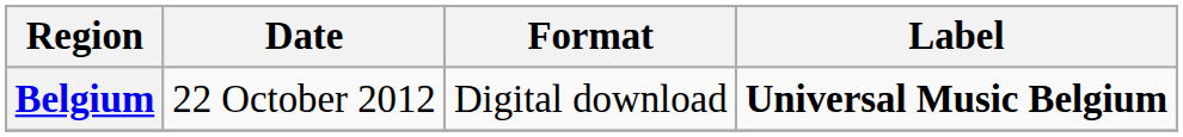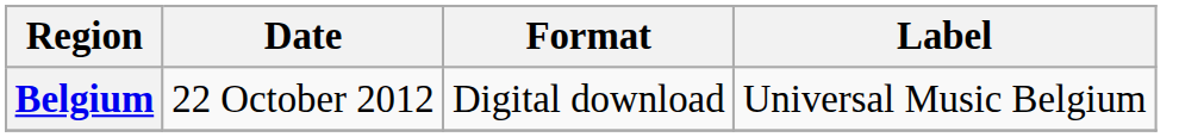 <table class="wikitable sortable plainrowheaders">
 <tr>
 <th scope="col">Region</th>
 <th scope="col">Date</th>
 <th scope="col">Format</th>
 <th scope="col">Label</th>
 </tr>
 <tr>
 <th scope="row"><a href='#'>Belgium</a></th>
 <td>22 October 2012</td>
 <td>Digital download</td>
-<td><strong>Universal Music Belgium</strong></td>
+<td>Universal Music Belgium</td>
 </tr>
 <tr>
 </tr>
 </table>
